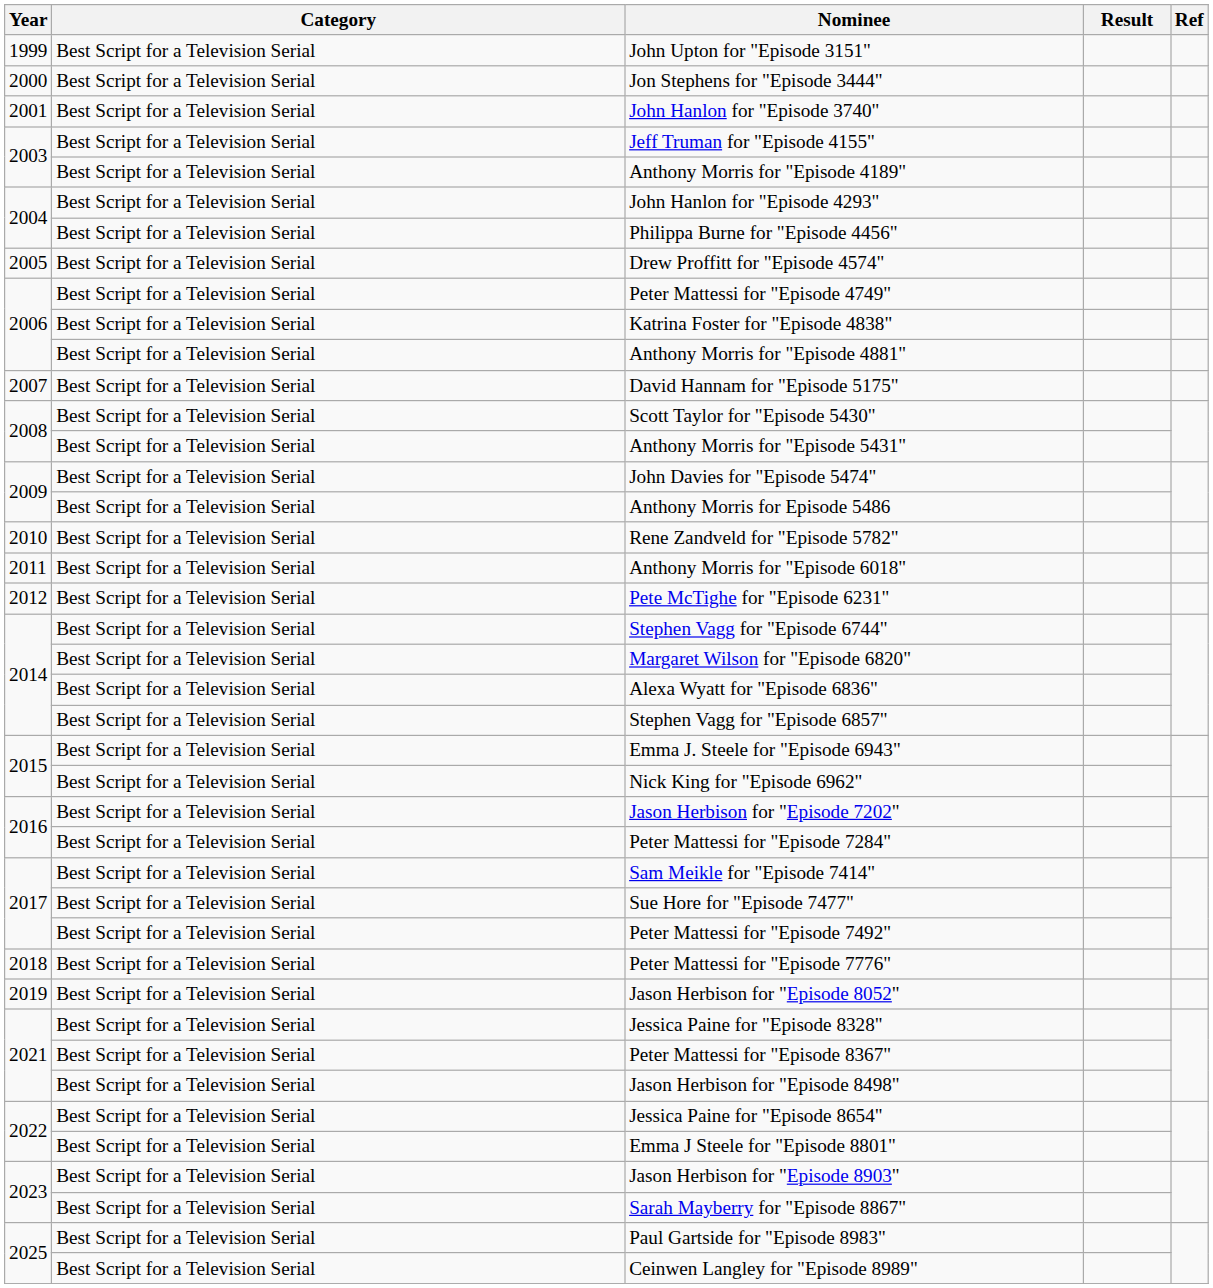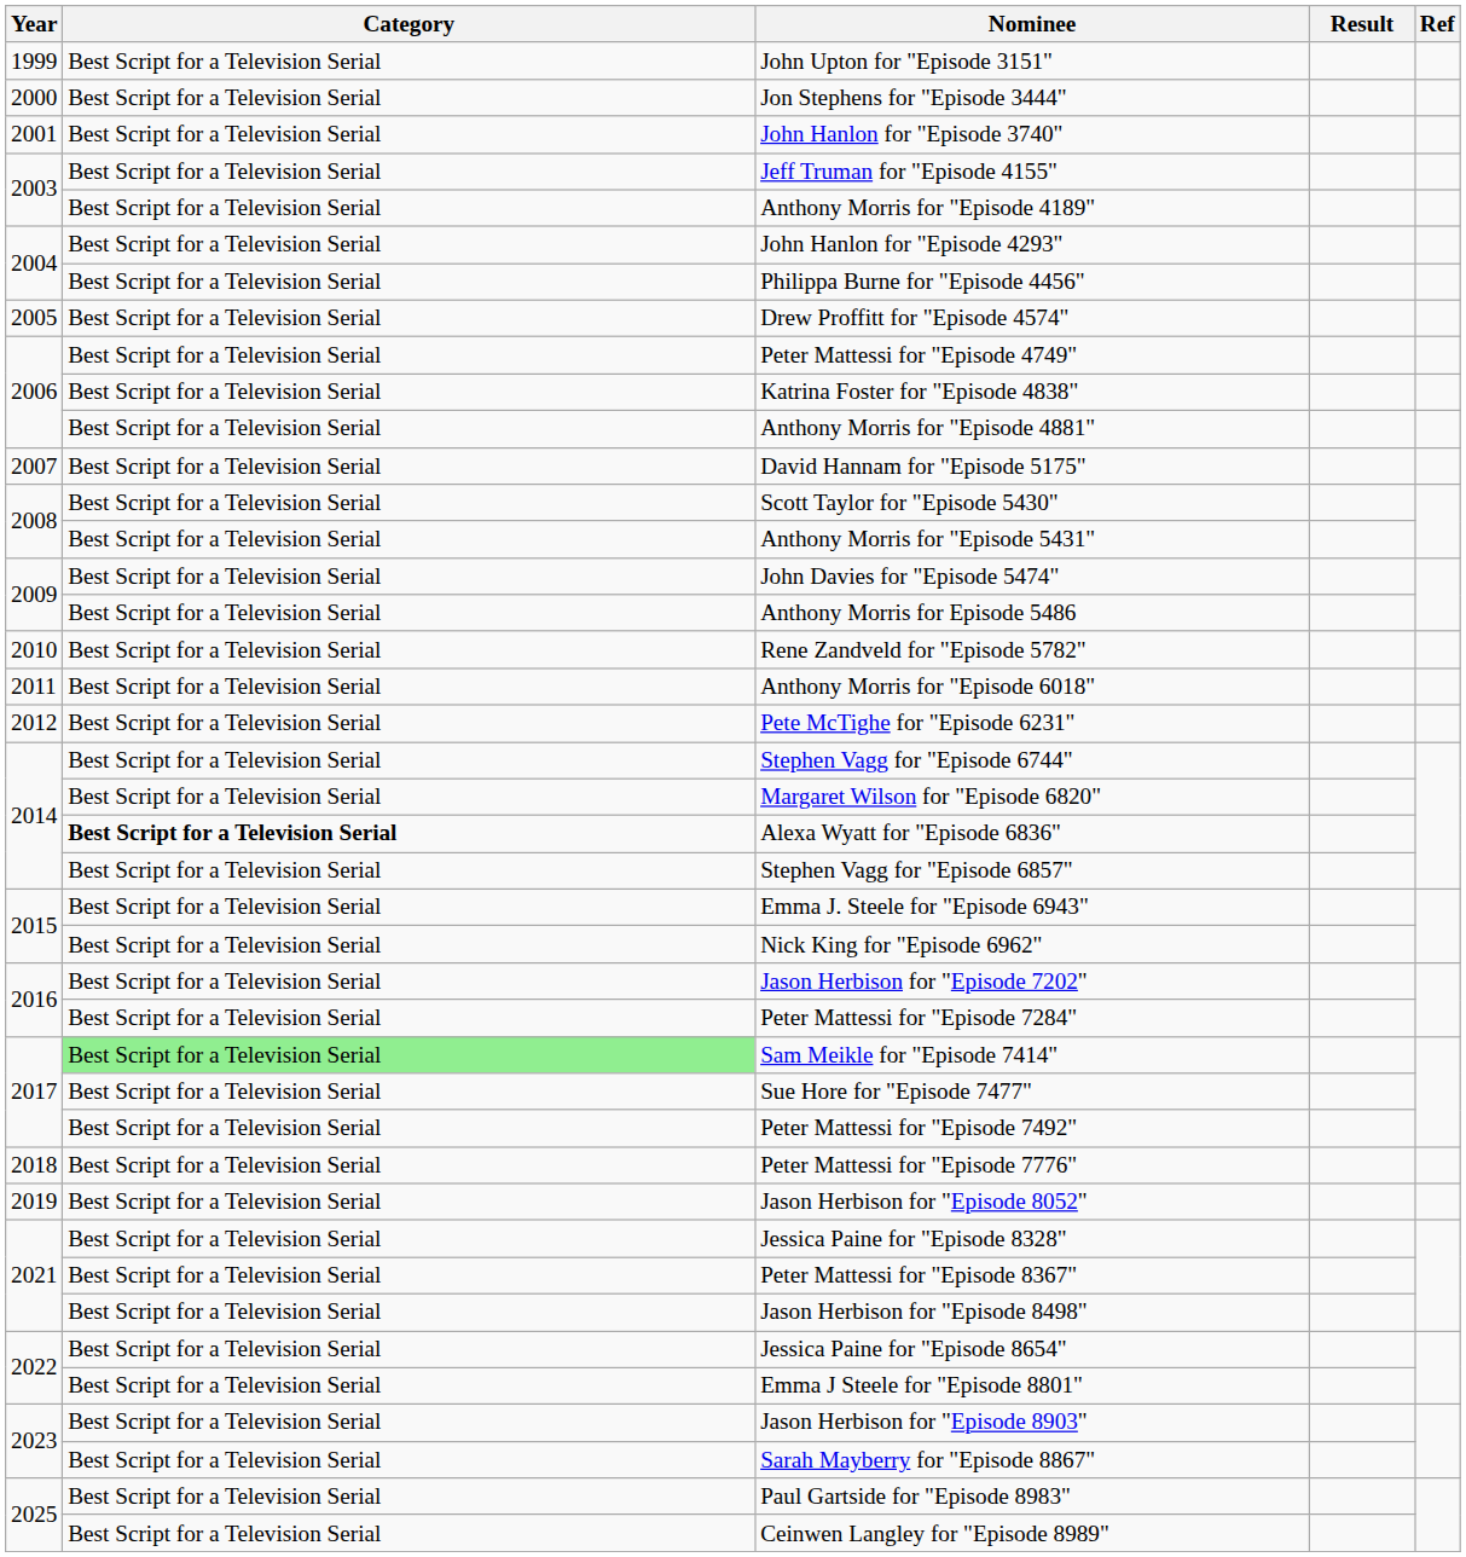 <table class="wikitable">
 <tr>
 <th>Year</th>
 <th width="470">Category</th>
 <th width="375">Nominee</th>
 <th width="65">Result</th>
 <th>Ref</th>
 </tr>
 <tr>
 <td>1999</td>
 <td>Best Script for a Television Serial</td>
 <td>John Upton for "Episode 3151"</td>
 <td></td>
 <td></td>
 </tr>
 <tr>
 <td>2000</td>
 <td>Best Script for a Television Serial</td>
 <td>Jon Stephens for "Episode 3444"</td>
 <td></td>
 <td></td>
 </tr>
 <tr>
 <td>2001</td>
 <td>Best Script for a Television Serial</td>
 <td><a href='#'>John Hanlon</a> for "Episode 3740"</td>
 <td></td>
 <td align="center"></td>
 </tr>
 <tr>
 <td rowspan="2">2003</td>
 <td>Best Script for a Television Serial</td>
 <td><a href='#'>Jeff Truman</a> for "Episode 4155"</td>
 <td></td>
 <td></td>
 </tr>
 <tr>
 <td>Best Script for a Television Serial</td>
 <td>Anthony Morris for "Episode 4189"</td>
 <td></td>
 <td></td>
 </tr>
 <tr>
 <td rowspan="2">2004</td>
 <td>Best Script for a Television Serial</td>
 <td>John Hanlon for "Episode 4293"</td>
 <td></td>
 <td align="center"></td>
 </tr>
 <tr>
 <td>Best Script for a Television Serial</td>
 <td>Philippa Burne for "Episode 4456"</td>
 <td></td>
 <td></td>
 </tr>
 <tr>
 <td>2005</td>
 <td>Best Script for a Television Serial</td>
 <td>Drew Proffitt for "Episode 4574"</td>
 <td></td>
 <td></td>
 </tr>
 <tr>
 <td rowspan="3">2006</td>
 <td>Best Script for a Television Serial</td>
 <td>Peter Mattessi for "Episode 4749"</td>
 <td></td>
 <td></td>
 </tr>
 <tr>
 <td>Best Script for a Television Serial</td>
 <td>Katrina Foster for "Episode 4838"</td>
 <td></td>
 <td></td>
 </tr>
 <tr>
 <td>Best Script for a Television Serial</td>
 <td>Anthony Morris for "Episode 4881"</td>
 <td></td>
 <td></td>
 </tr>
 <tr>
 <td>2007</td>
 <td>Best Script for a Television Serial</td>
 <td>David Hannam for "Episode 5175"</td>
 <td></td>
 <td></td>
 </tr>
 <tr>
 <td rowspan="2">2008</td>
 <td>Best Script for a Television Serial</td>
 <td>Scott Taylor for "Episode 5430"</td>
 <td></td>
 <td align="center" rowspan="2"></td>
 </tr>
 <tr>
 <td>Best Script for a Television Serial</td>
 <td>Anthony Morris for "Episode 5431"</td>
 <td></td>
 </tr>
 <tr>
 <td rowspan="2">2009</td>
 <td>Best Script for a Television Serial</td>
 <td>John Davies for "Episode 5474"</td>
 <td></td>
 <td align="center" rowspan="2"></td>
 </tr>
 <tr>
 <td>Best Script for a Television Serial</td>
 <td>Anthony Morris for Episode 5486</td>
 <td></td>
 </tr>
 <tr>
 <td>2010</td>
 <td>Best Script for a Television Serial</td>
 <td>Rene Zandveld for "Episode 5782"</td>
 <td></td>
 <td align="center"></td>
 </tr>
 <tr>
 <td>2011</td>
 <td>Best Script for a Television Serial</td>
 <td>Anthony Morris for "Episode 6018"</td>
 <td></td>
 <td align="center"></td>
 </tr>
 <tr>
 <td>2012</td>
 <td>Best Script for a Television Serial</td>
 <td><a href='#'>Pete McTighe</a> for "Episode 6231"</td>
 <td></td>
 <td align="center"></td>
 </tr>
 <tr>
 <td rowspan="4">2014</td>
 <td>Best Script for a Television Serial</td>
 <td><a href='#'>Stephen Vagg</a> for "Episode 6744"</td>
 <td></td>
 <td align="center" rowspan="4"><br></td>
 </tr>
 <tr>
 <td>Best Script for a Television Serial</td>
 <td><a href='#'>Margaret Wilson</a> for "Episode 6820"</td>
 <td></td>
 </tr>
 <tr>
-<td>Best Script for a Television Serial</td>
+<td><strong>Best Script for a Television Serial</strong></td>
 <td>Alexa Wyatt for "Episode 6836"</td>
 <td></td>
 </tr>
 <tr>
 <td>Best Script for a Television Serial</td>
 <td>Stephen Vagg for "Episode 6857"</td>
 <td></td>
 </tr>
 <tr>
 <td rowspan="2">2015</td>
 <td>Best Script for a Television Serial</td>
 <td>Emma J. Steele for "Episode 6943"</td>
 <td></td>
 <td align="center" rowspan="2"></td>
 </tr>
 <tr>
 <td>Best Script for a Television Serial</td>
 <td>Nick King for "Episode 6962"</td>
 <td></td>
 </tr>
 <tr>
 <td rowspan="2">2016</td>
 <td>Best Script for a Television Serial</td>
 <td><a href='#'>Jason Herbison</a> for "<a href='#'>Episode 7202</a>"</td>
 <td></td>
 <td align="center" rowspan="2"><br></td>
 </tr>
 <tr>
 <td>Best Script for a Television Serial</td>
 <td>Peter Mattessi for "Episode 7284"</td>
 <td></td>
 </tr>
 <tr>
 <td rowspan="3">2017</td>
-<td>Best Script for a Television Serial</td>
+<td style="background: lightgreen;">Best Script for a Television Serial</td>
 <td><a href='#'>Sam Meikle</a> for "Episode 7414"</td>
 <td></td>
 <td align="center" rowspan="3"></td>
 </tr>
 <tr>
 <td>Best Script for a Television Serial</td>
 <td>Sue Hore for "Episode 7477"</td>
 <td></td>
 </tr>
 <tr>
 <td>Best Script for a Television Serial</td>
 <td>Peter Mattessi for "Episode 7492"</td>
 <td></td>
 </tr>
 <tr>
 <td>2018</td>
 <td>Best Script for a Television Serial</td>
 <td>Peter Mattessi for "Episode 7776"</td>
 <td></td>
 <td align="center"></td>
 </tr>
 <tr>
 <td>2019</td>
 <td>Best Script for a Television Serial</td>
 <td>Jason Herbison for "<a href='#'>Episode 8052</a>"</td>
 <td></td>
 <td align="center"></td>
 </tr>
 <tr>
 <td rowspan="3">2021</td>
 <td>Best Script for a Television Serial</td>
 <td>Jessica Paine for "Episode 8328"</td>
 <td></td>
 <td align="center" rowspan="3"></td>
 </tr>
 <tr>
 <td>Best Script for a Television Serial</td>
 <td>Peter Mattessi for "Episode 8367"</td>
 <td></td>
 </tr>
 <tr>
 <td>Best Script for a Television Serial</td>
 <td>Jason Herbison for "Episode 8498"</td>
 <td></td>
 </tr>
 <tr>
 <td rowspan="2">2022</td>
 <td>Best Script for a Television Serial</td>
 <td>Jessica Paine for "Episode 8654"</td>
 <td></td>
 <td align="center" rowspan="2"></td>
 </tr>
 <tr>
 <td>Best Script for a Television Serial</td>
 <td>Emma J Steele for "Episode 8801"</td>
 <td></td>
 </tr>
 <tr>
 <td rowspan="2">2023</td>
 <td>Best Script for a Television Serial</td>
 <td>Jason Herbison for "<a href='#'>Episode 8903</a>"</td>
 <td></td>
 <td align="center" rowspan="2"></td>
 </tr>
 <tr>
 <td>Best Script for a Television Serial</td>
 <td><a href='#'>Sarah Mayberry</a> for "Episode 8867"</td>
 <td></td>
 </tr>
 <tr>
 <td rowspan="2">2025</td>
 <td>Best Script for a Television Serial</td>
 <td>Paul Gartside for "Episode 8983"</td>
 <td></td>
 <td align="center" rowspan="2"></td>
 </tr>
 <tr>
 <td>Best Script for a Television Serial</td>
 <td>Ceinwen Langley for "Episode 8989"</td>
 <td></td>
 </tr>
 <tr>
 </tr>
 </table>
